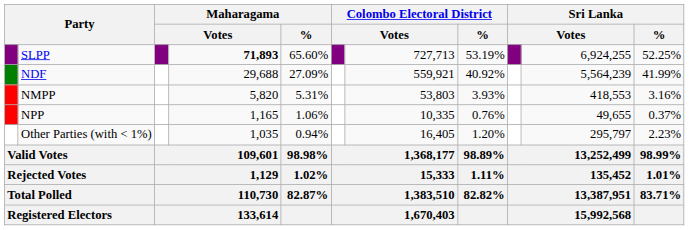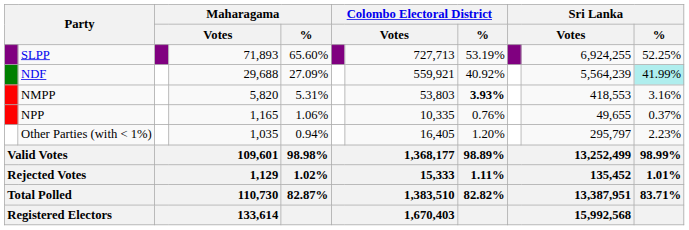 <table class="wikitable">
 <tr>
 <th colspan="2" width="144px"rowspan="2">Party</th>
 <th colspan="3" width="216px">Maharagama</th>
 <th colspan="3" width="216px"><a href='#'>Colombo Electoral District</a></th>
 <th colspan="3" width="216px">Sri Lanka</th>
 </tr>
 <tr>
 <th colspan="2" width="144px">Votes</th>
 <th>%</th>
 <th colspan="2" width="144px">Votes</th>
 <th>%</th>
 <th colspan="2" width="144px">Votes</th>
 <th>%</th>
 </tr>
 <tr>
 <td style="background-color:purple;" width="10px"></td>
 <td style="text-align:left;"><a href='#'>SLPP</a></td>
 <td style="background-color:purple;" width="10px"></td>
-<td style="text-align:right;"><strong>71,893</strong></td>
+<td style="text-align:right;">71,893</td>
 <td style="text-align:right;">65.60%</td>
 <td style="background-color:purple;" width="10px"></td>
 <td style="text-align:right;">727,713</td>
 <td style="text-align:right;">53.19%</td>
 <td style="background-color:purple;" width="10px"></td>
 <td style="text-align:right;">6,924,255</td>
 <td style="text-align:right;">52.25%</td>
 </tr>
 <tr>
 <td style="background-color:green;" width="10px"></td>
 <td style="text-align:left;"><a href='#'>NDF</a></td>
 <td style="background-color:white;" width="10px"></td>
 <td style="text-align:right;">29,688</td>
 <td style="text-align:right;">27.09%</td>
 <td style="background-color:white;" width="10px"></td>
 <td style="text-align:right;">559,921</td>
 <td style="text-align:right;">40.92%</td>
 <td style="background-color:white;" width="10px"></td>
 <td style="text-align:right;">5,564,239</td>
-<td style="text-align:right;">41.99%</td>
+<td style="background: paleturquoise; text-align:right;">41.99%</td>
 </tr>
 <tr>
 <td style="background-color:red;" width="10px"></td>
 <td style="text-align:left;">NMPP</td>
 <td style="background-color:white;" width="10px"></td>
 <td style="text-align:right;">5,820</td>
 <td style="text-align:right;">5.31%</td>
 <td style="background-color:white;" width="10px"></td>
 <td style="text-align:right;">53,803</td>
-<td style="text-align:right;">3.93%</td>
+<td style="text-align:right;"><strong>3.93%</strong></td>
 <td style="background-color:white;" width="10px"></td>
 <td style="text-align:right;">418,553</td>
 <td style="text-align:right;">3.16%</td>
 </tr>
 <tr>
 <td style="background-color:red;" width="10px"></td>
 <td style="text-align:left;">NPP</td>
 <td style="background-color:white;" width="10px"></td>
 <td style="text-align:right;">1,165</td>
 <td style="text-align:right;">1.06%</td>
 <td style="background-color:white;" width="10px"></td>
 <td style="text-align:right;">10,335</td>
 <td style="text-align:right;">0.76%</td>
 <td style="background-color:white;" width="10px"></td>
 <td style="text-align:right;">49,655</td>
 <td style="text-align:right;">0.37%</td>
 </tr>
 <tr>
 <td style="background-color:white;" width="10px"></td>
 <td style="text-align:left;">Other Parties (with < 1%)</td>
 <td style="background-color:white;" width="10px"></td>
 <td style="text-align:right;">1,035</td>
 <td style="text-align:right;">0.94%</td>
 <td style="background-color:white;" width="10px"></td>
 <td style="text-align:right;">16,405</td>
 <td style="text-align:right;">1.20%</td>
 <td style="background-color:white;" width="10px"></td>
 <td style="text-align:right;">295,797</td>
 <td style="text-align:right;">2.23%</td>
 </tr>
 <tr>
 <th colspan="2" width="144px"style="text-align:left;">Valid Votes</th>
 <th style="text-align:right;"colspan="2" width="144px">109,601</th>
 <th style="text-align:right;">98.98%</th>
 <th style="text-align:right;"colspan="2" width="144px">1,368,177</th>
 <th style="text-align:right;">98.89%</th>
 <th style="text-align:right;"colspan="2" width="144px">13,252,499</th>
 <th style="text-align:right;">98.99%</th>
 </tr>
 <tr>
 <th colspan="2" width="144px"style="text-align:left;">Rejected Votes</th>
 <th style="text-align:right;"colspan="2" width="144px">1,129</th>
 <th style="text-align:right;">1.02%</th>
 <th style="text-align:right;"colspan="2" width="144px">15,333</th>
 <th style="text-align:right;">1.11%</th>
 <th style="text-align:right;"colspan="2" width="144px">135,452</th>
 <th style="text-align:right;">1.01%</th>
 </tr>
 <tr>
 <th colspan="2" width="144px"style="text-align:left;">Total Polled</th>
 <th style="text-align:right;"colspan="2" width="144px">110,730</th>
 <th style="text-align:right;">82.87%</th>
 <th style="text-align:right;"colspan="2" width="144px">1,383,510</th>
 <th style="text-align:right;">82.82%</th>
 <th style="text-align:right;"colspan="2" width="144px">13,387,951</th>
 <th style="text-align:right;">83.71%</th>
 </tr>
 <tr>
 <th colspan="2" width="144px"style="text-align:left;">Registered Electors</th>
 <th style="text-align:right;"colspan="2" width="144px">133,614</th>
 <th></th>
 <th style="text-align:right;"colspan="2" width="144px">1,670,403</th>
 <th></th>
 <th style="text-align:right;"colspan="2" width="144px">15,992,568</th>
 <th></th>
 </tr>
 </table>
